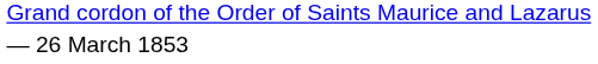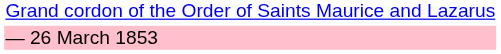 <table>
 <tr>
 <td rowspan=2 style="width:60px; vertical-align:top;"></td>
 <td><a href='#'>Grand cordon of the Order of Saints Maurice and Lazarus</a></td>
 </tr>
 <tr>
-<td>— 26 March 1853</td>
+<td style="background: pink;">— 26 March 1853</td>
 </tr>
 </table>
